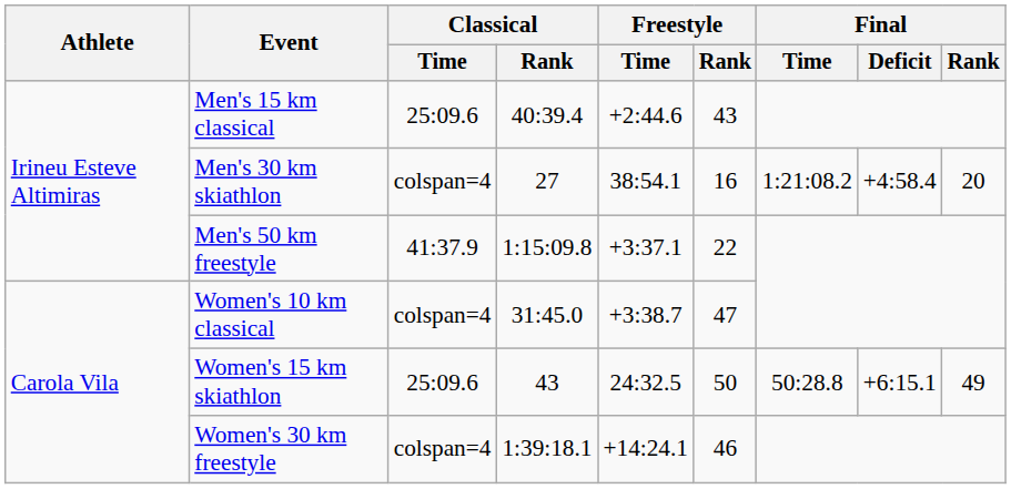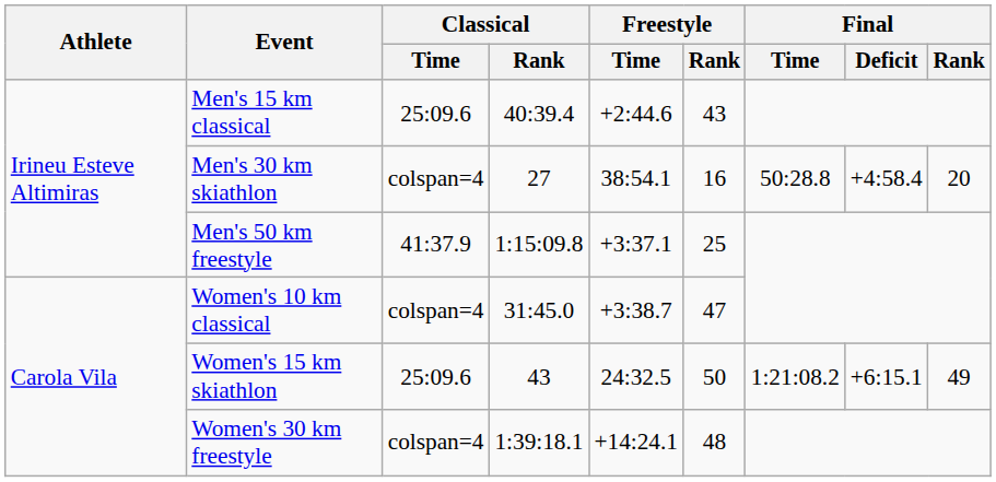 <table class=wikitable style=font-size:90%;text-align:center>
 <tr>
 <th rowspan=2>Athlete</th>
 <th rowspan=2>Event</th>
 <th colspan=2>Classical</th>
 <th colspan=2>Freestyle</th>
 <th colspan=3>Final</th>
 </tr>
 <tr style="font-size: 95%">
 <th>Time</th>
 <th>Rank</th>
 <th>Time</th>
 <th>Rank</th>
 <th>Time</th>
 <th>Deficit</th>
 <th>Rank</th>
 </tr>
 <tr>
 <td align=left rowspan=3><a href='#'>Irineu Esteve Altimiras</a></td>
 <td align=left><a href='#'>Men's 15 km classical</a></td>
 <td>25:09.6</td>
 <td>40:39.4</td>
 <td>+2:44.6</td>
 <td>43</td>
 </tr>
 <tr>
 <td align=left><a href='#'>Men's 30 km skiathlon</a></td>
 <td>colspan=4 </td>
 <td>27</td>
 <td>38:54.1</td>
 <td>16</td>
-<td>1:21:08.2</td>
+<td>50:28.8</td>
 <td>+4:58.4</td>
 <td>20</td>
 </tr>
 <tr>
 <td align=left><a href='#'>Men's 50 km freestyle</a></td>
 <td>41:37.9</td>
 <td>1:15:09.8</td>
 <td>+3:37.1</td>
-<td>22</td>
+<td>25</td>
 </tr>
 <tr>
 <td align=left rowspan=3><a href='#'>Carola Vila</a></td>
 <td align=left><a href='#'>Women's 10 km classical</a></td>
 <td>colspan=4 </td>
 <td>31:45.0</td>
 <td>+3:38.7</td>
 <td>47</td>
 </tr>
 <tr>
 <td align=left><a href='#'>Women's 15 km skiathlon</a></td>
 <td>25:09.6</td>
 <td>43</td>
 <td>24:32.5</td>
 <td>50</td>
-<td>50:28.8</td>
+<td>1:21:08.2</td>
 <td>+6:15.1</td>
 <td>49</td>
 </tr>
 <tr align=center>
 <td align=left><a href='#'>Women's 30 km freestyle</a></td>
 <td>colspan=4 </td>
 <td>1:39:18.1</td>
 <td>+14:24.1</td>
-<td>46</td>
+<td>48</td>
 </tr>
 </table>
